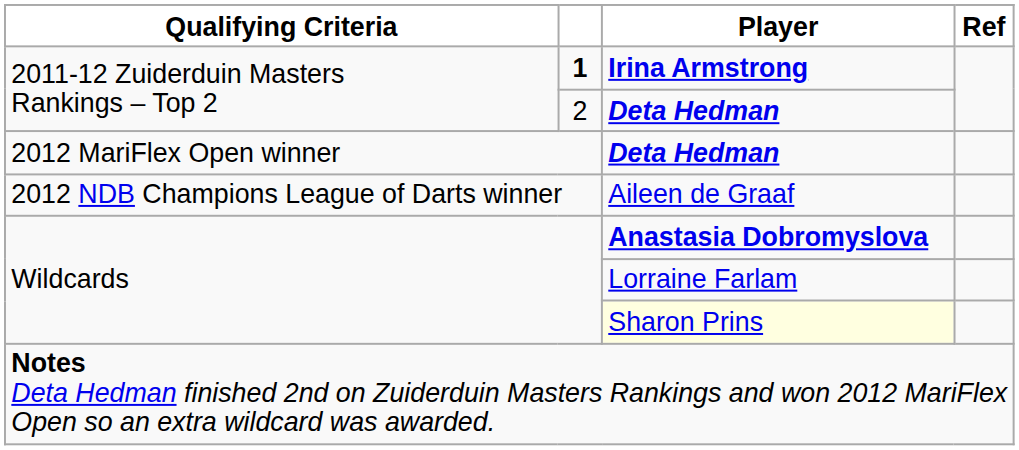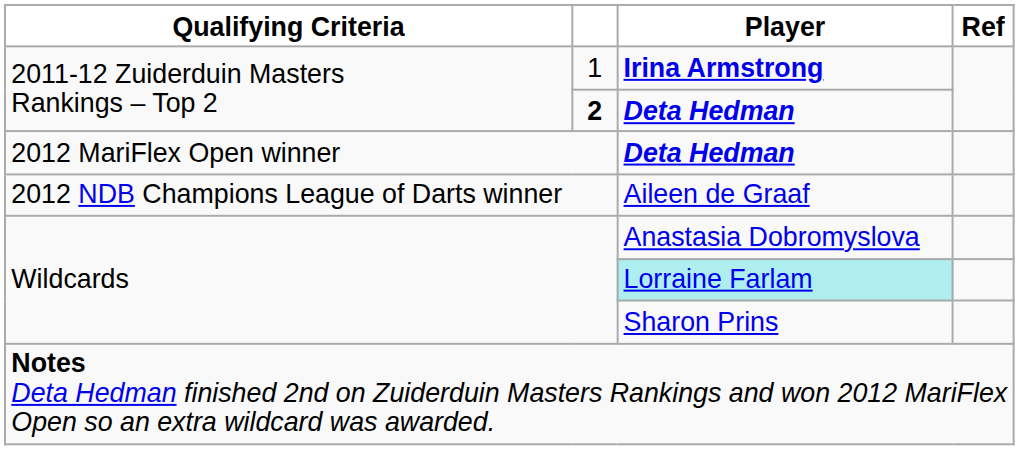 <table class="wikitable sortable collapsible collapsed" style="font-size:85%;">
 <tr>
 <th style="background:#ffffff; color:#000000;">Qualifying Criteria</th>
 <th style="background:#ffffff; color:#000000;"></th>
 <th style="background:#ffffff; color:#000000;">Player</th>
 <th style="background:#ffffff; color:#000000;">Ref</th>
 </tr>
 <tr>
 <td rowspan=2>2011-12 Zuiderduin Masters<br>Rankings – Top 2</td>
-<td style="text-align: center;"><strong>1</strong></td>
+<td style="text-align: center;">1</td>
 <td> <strong><a href='#'>Irina Armstrong</a></strong></td>
 <td rowspan=2></td>
 </tr>
 <tr>
-<td style="text-align: center;">2</td>
+<td style="text-align: center;"><strong>2</strong></td>
 <td> <strong><em><a href='#'>Deta Hedman</a></em></strong></td>
 </tr>
 <tr>
 <td colspan=2>2012 MariFlex Open winner</td>
 <td> <strong><em><a href='#'>Deta Hedman</a></em></strong></td>
 <td></td>
 </tr>
 <tr>
 <td colspan=2>2012 <a href='#'>NDB</a> Champions League of Darts winner</td>
 <td> <a href='#'>Aileen de Graaf</a></td>
 <td></td>
 </tr>
 <tr>
 <td rowspan=3 colspan=2>Wildcards</td>
-<td><strong> <a href='#'>Anastasia Dobromyslova</a></strong></td>
+<td> <a href='#'>Anastasia Dobromyslova</a></td>
 <td></td>
 </tr>
 <tr>
-<td> <a href='#'>Lorraine Farlam</a></td>
+<td style="background: paleturquoise;"> <a href='#'>Lorraine Farlam</a></td>
 <td></td>
 </tr>
 <tr>
-<td style="background: lightyellow;"> <a href='#'>Sharon Prins</a></td>
+<td> <a href='#'>Sharon Prins</a></td>
 <td></td>
 </tr>
 <tr>
 <td colspan=4><strong>Notes</strong><br><em><a href='#'>Deta Hedman</a> finished 2nd on Zuiderduin Masters Rankings and won 2012 MariFlex<br>Open so an extra wildcard was awarded.</em></td>
 </tr>
 </table>
